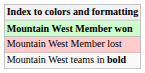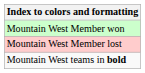 <table class="wikitable">
 <tr>
 <th>Index to colors and formatting</th>
 </tr>
 <tr style="background:#cfc">
-<td><strong>Mountain West Member won</strong></td>
+<td>Mountain West Member won</td>
 </tr>
 <tr style="background:#fcc">
 <td>Mountain West Member lost</td>
 </tr>
 <tr>
 <td>Mountain West teams in <strong>bold</strong></td>
 </tr>
 </table>
